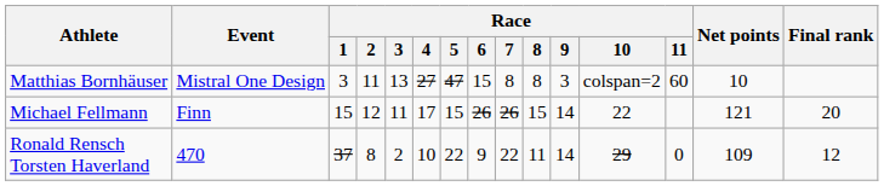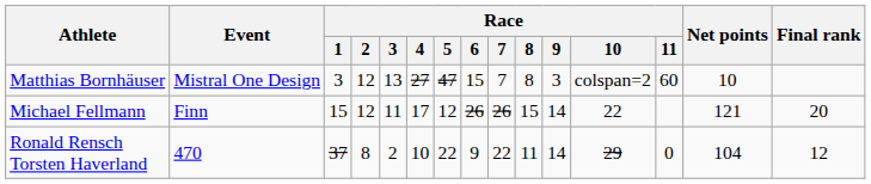 <table class="wikitable" style="font-size:90%">
 <tr>
 <th rowspan=2>Athlete</th>
 <th rowspan=2>Event</th>
 <th colspan=11>Race</th>
 <th rowspan=2>Net points</th>
 <th rowspan=2>Final rank</th>
 </tr>
 <tr style="font-size:95%">
 <th>1</th>
 <th>2</th>
 <th>3</th>
 <th>4</th>
 <th>5</th>
 <th>6</th>
 <th>7</th>
 <th>8</th>
 <th>9</th>
 <th>10</th>
 <th>11</th>
 </tr>
 <tr align=center>
 <td align=left><a href='#'>Matthias Bornhäuser</a></td>
 <td align=left><a href='#'>Mistral One Design</a></td>
 <td>3</td>
-<td>11</td>
+<td>12</td>
 <td>13</td>
 <td><s>27</s></td>
 <td><s>47</s></td>
 <td>15</td>
-<td>8</td>
+<td>7</td>
 <td>8</td>
 <td>3</td>
 <td>colspan=2</td>
 <td>60</td>
 <td>10</td>
 </tr>
 <tr align=center>
 <td align=left><a href='#'>Michael Fellmann</a></td>
 <td align=left><a href='#'>Finn</a></td>
 <td>15</td>
 <td>12</td>
 <td>11</td>
 <td>17</td>
-<td>15</td>
+<td>12</td>
 <td><s>26</s></td>
 <td><s>26</s></td>
 <td>15</td>
 <td>14</td>
 <td>22</td>
 <td></td>
 <td>121</td>
 <td>20</td>
 </tr>
 <tr align=center>
 <td align=left><a href='#'>Ronald Rensch</a><br><a href='#'>Torsten Haverland</a></td>
 <td align=left><a href='#'>470</a></td>
 <td><s>37</s></td>
 <td>8</td>
 <td>2</td>
 <td>10</td>
 <td>22</td>
 <td>9</td>
 <td>22</td>
 <td>11</td>
 <td>14</td>
 <td><s>29</s></td>
 <td>0</td>
-<td>109</td>
+<td>104</td>
 <td>12</td>
 </tr>
 </table>
